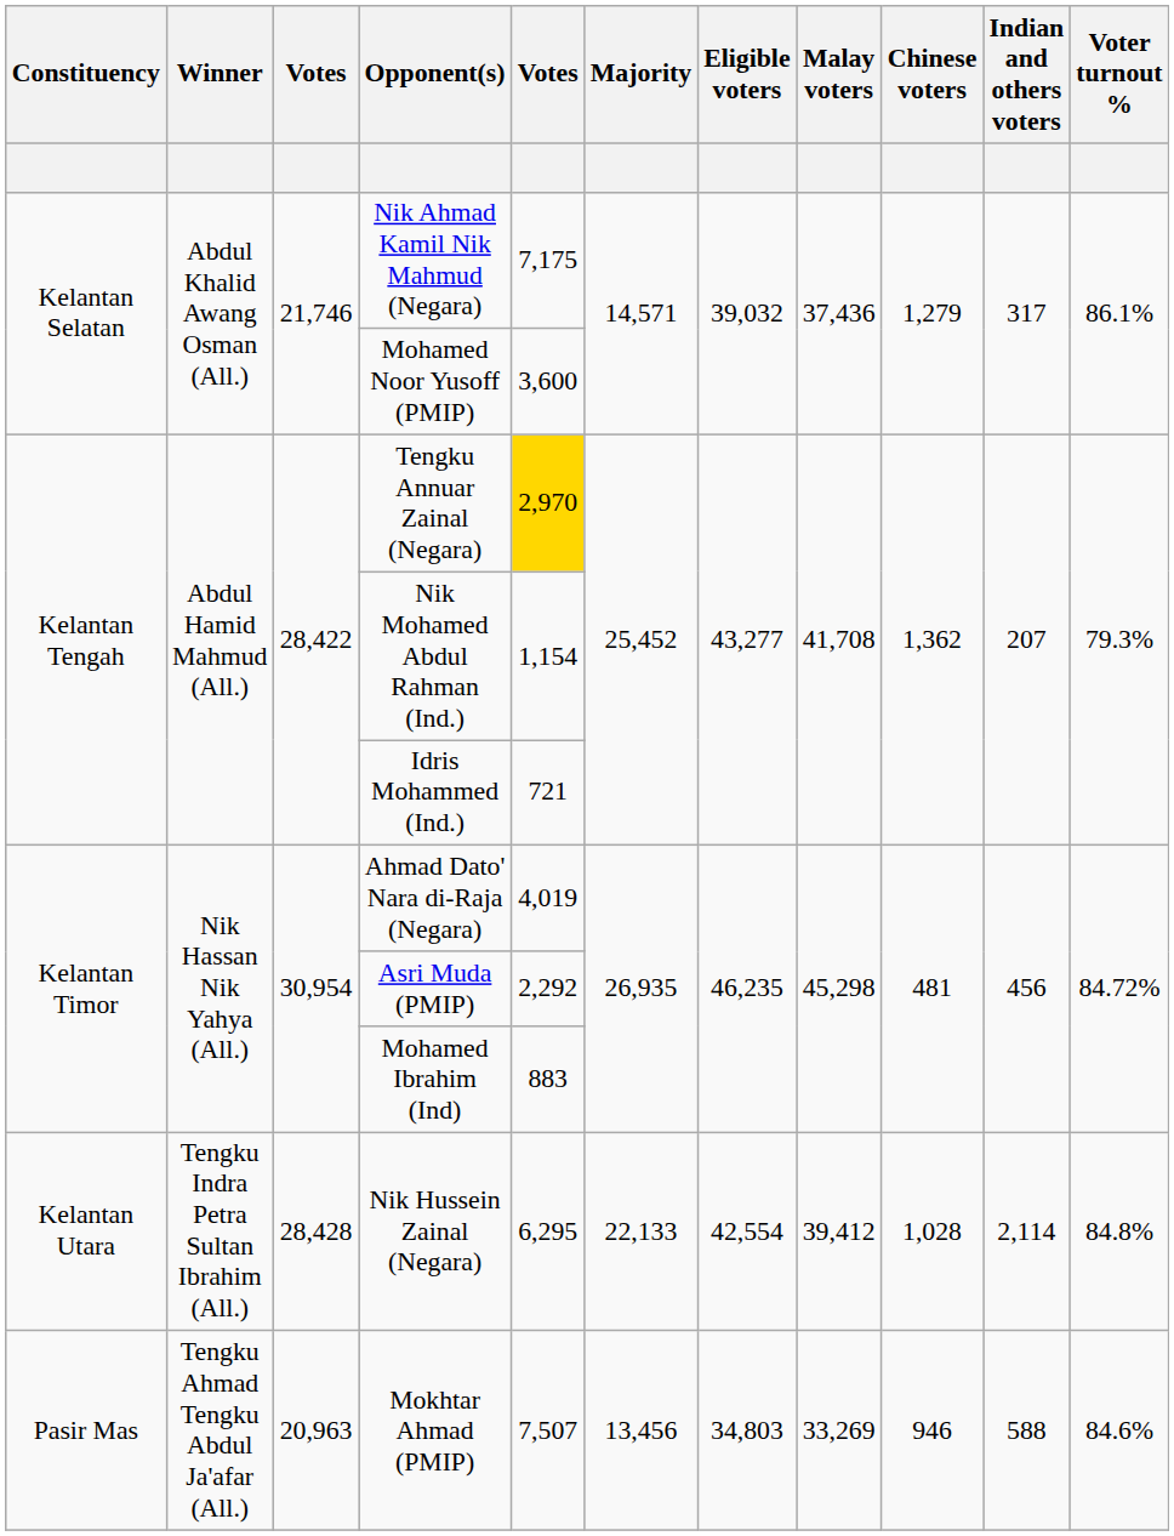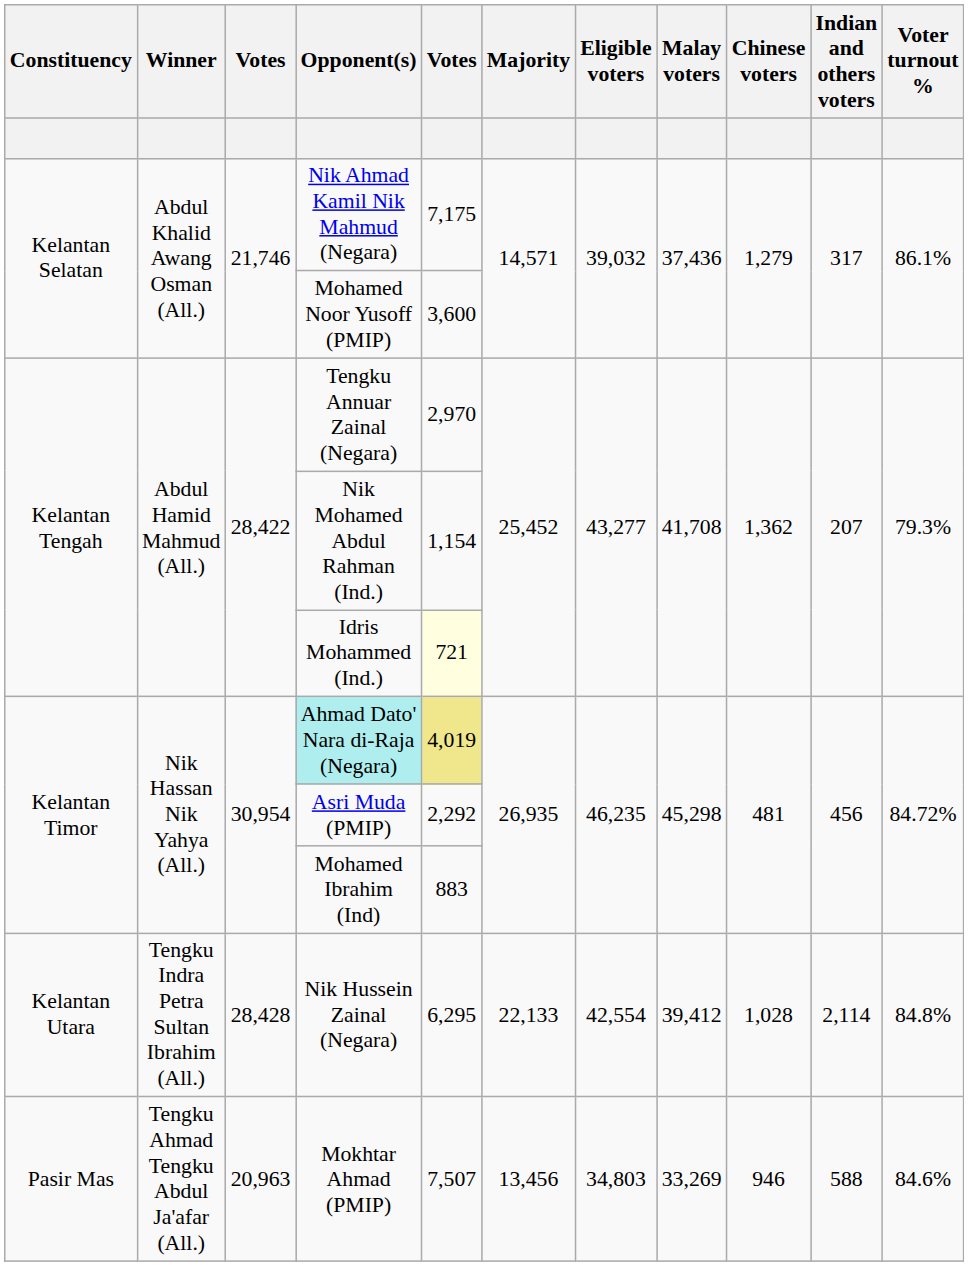 <table class="wikitable sortable" style="text-align:center; font-size:90%">
 <tr>
 <th width="60">Constituency</th>
 <th width="150">Winner</th>
 <th width="50">Votes</th>
 <th width="150">Opponent(s)</th>
 <th width="50">Votes</th>
 <th width="50">Majority</th>
 <th width="50">Eligible voters</th>
 <th width="50">Malay voters</th>
 <th width="50">Chinese voters</th>
 <th width="50">Indian and others voters</th>
 <th width="50">Voter turnout %</th>
 </tr>
 <tr>
 <th height="20"></th>
 <th></th>
 <th></th>
 <th></th>
 <th></th>
 <th></th>
 <th></th>
 <th></th>
 <th></th>
 <th></th>
 <th></th>
 </tr>
 <tr>
 <td rowspan=2>Kelantan Selatan</td>
 <td rowspan=2>Abdul Khalid Awang Osman<br>(All.)</td>
 <td rowspan=2>21,746</td>
 <td><a href='#'>Nik Ahmad Kamil Nik Mahmud</a><br>(Negara)</td>
 <td>7,175</td>
 <td rowspan=2>14,571</td>
 <td rowspan=2>39,032</td>
 <td rowspan=2>37,436</td>
 <td rowspan=2>1,279</td>
 <td rowspan=2>317</td>
 <td rowspan=2>86.1%</td>
 </tr>
 <tr>
 <td>Mohamed Noor Yusoff<br>(PMIP)</td>
 <td>3,600</td>
 </tr>
 <tr>
 <td rowspan=3>Kelantan Tengah</td>
 <td rowspan=3>Abdul Hamid Mahmud<br>(All.)</td>
 <td rowspan=3>28,422</td>
 <td>Tengku Annuar Zainal<br>(Negara)</td>
-<td style="background: gold;">2,970</td>
+<td>2,970</td>
 <td rowspan=3>25,452</td>
 <td rowspan=3>43,277</td>
 <td rowspan=3>41,708</td>
 <td rowspan=3>1,362</td>
 <td rowspan=3>207</td>
 <td rowspan=3>79.3%</td>
 </tr>
 <tr>
 <td>Nik Mohamed Abdul Rahman<br>(Ind.)</td>
 <td>1,154</td>
 </tr>
 <tr>
 <td>Idris Mohammed<br>(Ind.)</td>
-<td>721</td>
+<td style="background: lightyellow;">721</td>
 </tr>
 <tr>
 <td rowspan=3>Kelantan Timor</td>
 <td rowspan=3>Nik Hassan Nik Yahya<br>(All.)</td>
 <td rowspan=3>30,954</td>
-<td>Ahmad Dato' Nara di-Raja<br>(Negara)</td>
-<td>4,019</td>
+<td style="background: paleturquoise;">Ahmad Dato' Nara di-Raja<br>(Negara)</td>
+<td style="background: khaki;">4,019</td>
 <td rowspan=3>26,935</td>
 <td rowspan=3>46,235</td>
 <td rowspan=3>45,298</td>
 <td rowspan=3>481</td>
 <td rowspan=3>456</td>
 <td rowspan=3>84.72%</td>
 </tr>
 <tr>
 <td><a href='#'>Asri Muda</a><br>(PMIP)</td>
 <td>2,292</td>
 </tr>
 <tr>
 <td>Mohamed Ibrahim<br>(Ind)</td>
 <td>883</td>
 </tr>
 <tr>
 <td>Kelantan Utara</td>
 <td>Tengku Indra Petra Sultan Ibrahim<br>(All.)</td>
 <td>28,428</td>
 <td>Nik Hussein Zainal<br>(Negara)</td>
 <td>6,295</td>
 <td>22,133</td>
 <td>42,554</td>
 <td>39,412</td>
 <td>1,028</td>
 <td>2,114</td>
 <td>84.8%</td>
 </tr>
 <tr>
 <td>Pasir Mas</td>
 <td>Tengku Ahmad Tengku Abdul Ja'afar<br>(All.)</td>
 <td>20,963</td>
 <td>Mokhtar Ahmad<br>(PMIP)</td>
 <td>7,507</td>
 <td>13,456</td>
 <td>34,803</td>
 <td>33,269</td>
 <td>946</td>
 <td>588</td>
 <td>84.6%</td>
 </tr>
 </table>
